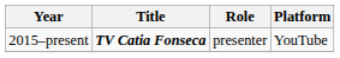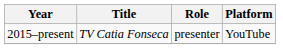 <table class="wikitable">
 <tr>
 <th>Year</th>
 <th>Title</th>
 <th>Role</th>
 <th>Platform</th>
 </tr>
 <tr>
 <td>2015–present</td>
-<td><strong><em>TV Catia Fonseca</em></strong></td>
+<td><em>TV Catia Fonseca</em></td>
 <td>presenter</td>
 <td>YouTube</td>
 </tr>
 <tr>
 </tr>
 </table>
